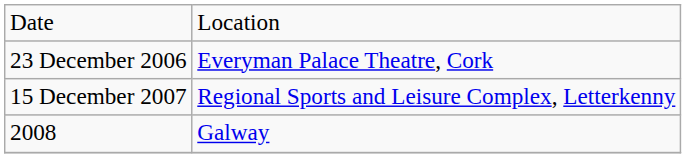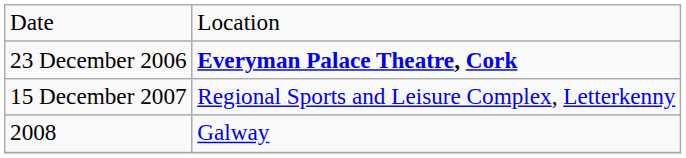 <table class="wikitable">
 <tr>
 <td>Date</td>
 <td>Location</td>
 </tr>
 <tr>
 <td>23 December 2006</td>
-<td><a href='#'>Everyman Palace Theatre</a>, <a href='#'>Cork</a></td>
+<td><strong><a href='#'>Everyman Palace Theatre</a>, <a href='#'>Cork</a></strong></td>
 </tr>
 <tr>
 <td>15 December 2007</td>
 <td><a href='#'>Regional Sports and Leisure Complex</a>, <a href='#'>Letterkenny</a></td>
 </tr>
 <tr>
 <td>2008</td>
 <td><a href='#'>Galway</a></td>
 </tr>
 <tr>
 </tr>
 </table>
